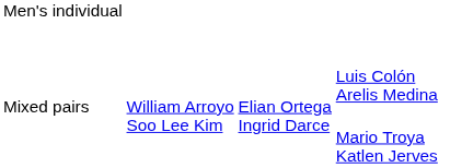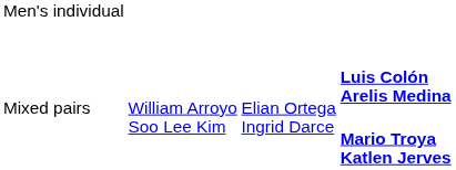 <table>
 <tr>
 <td rowspan=2>Men's individual<br></td>
 <td rowspan=2></td>
 <td rowspan=2></td>
 <td></td>
 </tr>
 <tr>
 <td></td>
 </tr>
 <tr>
 <td rowspan=2><br></td>
 <td rowspan=2></td>
 <td rowspan=2></td>
 <td></td>
 </tr>
 <tr>
 <td></td>
 </tr>
 <tr>
 <td rowspan=2>Mixed pairs<br></td>
 <td rowspan=2><br><a href='#'>William Arroyo</a><br><a href='#'>Soo Lee Kim</a></td>
 <td rowspan=2><br><a href='#'>Elian Ortega</a><br><a href='#'>Ingrid Darce</a></td>
-<td><br><a href='#'>Luis Colón</a><br><a href='#'>Arelis Medina</a></td>
+<td><strong><br><a href='#'>Luis Colón</a><br><a href='#'>Arelis Medina</a></strong></td>
 </tr>
 <tr>
-<td><br><a href='#'>Mario Troya</a><br><a href='#'>Katlen Jerves</a></td>
+<td><strong><br><a href='#'>Mario Troya</a><br><a href='#'>Katlen Jerves</a></strong></td>
 </tr>
 <tr>
 </tr>
 </table>
